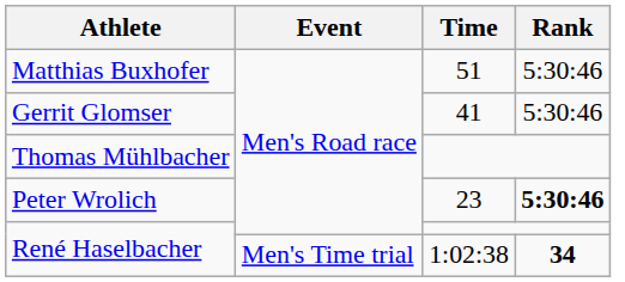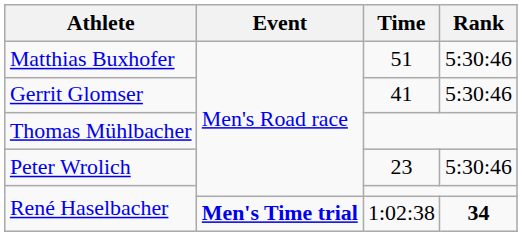 <table class=wikitable style=font-size:90%;text-align:center>
 <tr>
 <th>Athlete</th>
 <th>Event</th>
 <th>Time</th>
 <th>Rank</th>
 </tr>
 <tr>
 <td align=left><a href='#'>Matthias Buxhofer</a></td>
 <td align=left rowspan=5><a href='#'>Men's Road race</a></td>
 <td>51</td>
 <td>5:30:46</td>
 </tr>
 <tr>
 <td align=left><a href='#'>Gerrit Glomser</a></td>
 <td>41</td>
 <td>5:30:46</td>
 </tr>
 <tr>
 <td align=left><a href='#'>Thomas Mühlbacher</a></td>
 <td colspan=2></td>
 </tr>
 <tr>
 <td align=left><a href='#'>Peter Wrolich</a></td>
 <td>23</td>
-<td><strong>5:30:46</strong></td>
+<td>5:30:46</td>
 </tr>
 <tr>
 <td align=left rowspan=2><a href='#'>René Haselbacher</a></td>
 <td colspan=2></td>
 </tr>
 <tr>
-<td align=left><a href='#'>Men's Time trial</a></td>
+<td align=left><strong><a href='#'>Men's Time trial</a></strong></td>
 <td>1:02:38</td>
 <td><strong>34</strong></td>
 </tr>
 </table>
